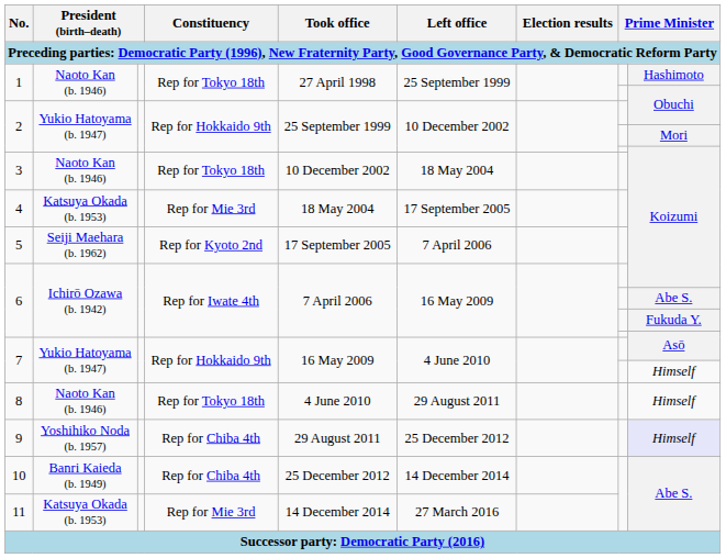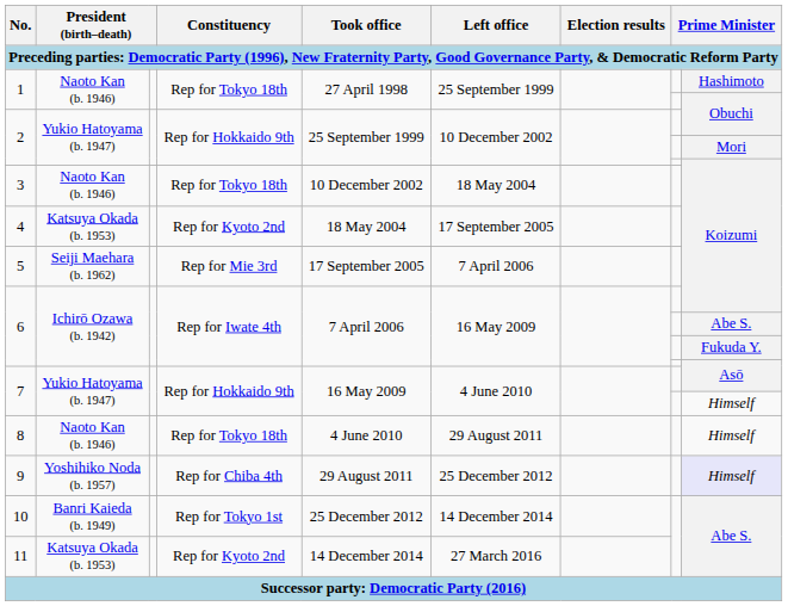 <table class="wikitable sortable" style="text-align:center">
 <tr>
 <th>No.</th>
 <th colspan="2">President<br><small>(birth–death)</small></th>
 <th>Constituency</th>
 <th>Took office</th>
 <th>Left office</th>
 <th>Election results</th>
 <th colspan="2"><a href='#'>Prime Minister</a> </th>
 </tr>
 <tr>
 <td bgcolor="lightblue" colspan="9"><strong>Preceding parties: <a href='#'>Democratic Party (1996)</a>, <a href='#'>New Fraternity Party</a>, <a href='#'>Good Governance Party</a>, & Democratic Reform Party</strong></td>
 </tr>
 <tr>
 <td rowspan="2">1</td>
 <td rowspan="2"><a href='#'>Naoto Kan</a><br><small>(b. 1946)</small></td>
 <td rowspan="2"></td>
 <td rowspan="2">Rep for <a href='#'>Tokyo 18th</a></td>
 <td rowspan="2">27 April 1998</td>
 <td rowspan="2">25 September 1999</td>
 <td rowspan="2" align=left><br></td>
 <td style="background-color: "></td>
 <th style="font-weight:normal"><a href='#'>Hashimoto</a> <small></small></th>
 </tr>
 <tr>
 <td style="background-color: "></td>
 <th style="font-weight:normal" rowspan="2"><a href='#'>Obuchi</a> <small></small></th>
 </tr>
 <tr>
 <td rowspan="3">2</td>
 <td rowspan="3"><a href='#'>Yukio Hatoyama</a><br><small>(b. 1947)</small></td>
 <td rowspan="3"></td>
 <td rowspan="3">Rep for <a href='#'>Hokkaido 9th</a></td>
 <td rowspan="3">25 September 1999</td>
 <td rowspan="3">10 December 2002</td>
 <td rowspan="3" align=left><br>   </td>
 <td height=20 style="background-color: "></td>
 </tr>
 <tr>
 <td style="background-color: "></td>
 <th style="font-weight:normal"><a href='#'>Mori</a> <small></small></th>
 </tr>
 <tr>
 <td style="background-color: "></td>
 <th style="font-weight:normal" rowspan="5"><a href='#'>Koizumi</a> <small></small></th>
 </tr>
 <tr>
 <td>3</td>
 <td><a href='#'>Naoto Kan</a><br><small>(b. 1946)</small></td>
 <td></td>
 <td>Rep for <a href='#'>Tokyo 18th</a></td>
 <td>10 December 2002</td>
 <td>18 May 2004</td>
 <td align=left></td>
 <td style="background-color: "></td>
 </tr>
 <tr>
 <td>4</td>
 <td><a href='#'>Katsuya Okada</a><br><small>(b. 1953)</small></td>
 <td></td>
-<td>Rep for <a href='#'>Mie 3rd</a></td>
+<td>Rep for <a href='#'>Kyoto 2nd</a></td>
 <td>18 May 2004</td>
 <td>17 September 2005</td>
 <td align=left><br></td>
 <td style="background-color: "></td>
 </tr>
 <tr>
 <td>5</td>
 <td><a href='#'>Seiji Maehara</a><br><small>(b. 1962)</small></td>
 <td></td>
-<td>Rep for <a href='#'>Kyoto 2nd</a></td>
+<td>Rep for <a href='#'>Mie 3rd</a></td>
 <td>17 September 2005</td>
 <td>7 April 2006</td>
 <td align=left></td>
 <td style="background-color: "></td>
 </tr>
 <tr>
 <td rowspan="4">6</td>
 <td rowspan="4"><a href='#'>Ichirō Ozawa</a><br><small>(b. 1942)</small></td>
 <td rowspan="4"></td>
 <td rowspan="4">Rep for <a href='#'>Iwate 4th</a></td>
 <td rowspan="4">7 April 2006</td>
 <td rowspan="4">16 May 2009</td>
 <td rowspan="4" align=left><br> </td>
 <td height=20 style="background-color: "></td>
 </tr>
 <tr>
 <td style="background-color: "></td>
 <th style="font-weight:normal"><a href='#'>Abe S.</a> <small></small></th>
 </tr>
 <tr>
 <td style="background-color: "></td>
 <th style="font-weight:normal"><a href='#'>Fukuda Y.</a> <small></small></th>
 </tr>
 <tr>
 <td style="background-color: "></td>
 <th style="font-weight:normal" rowspan="2"><a href='#'>Asō</a> <small></small></th>
 </tr>
 <tr>
 <td rowspan="2">7</td>
 <td rowspan="2"><a href='#'>Yukio Hatoyama</a><br><small>(b. 1947)</small><br></td>
 <td rowspan="2"></td>
 <td rowspan="2">Rep for <a href='#'>Hokkaido 9th</a></td>
 <td rowspan="2">16 May 2009</td>
 <td rowspan="2">4 June 2010</td>
 <td rowspan="2" align=left></td>
 <td height=20 style="background-color: "></td>
 </tr>
 <tr>
 <td style="background-color: "></td>
 <td><em>Himself</em> </td>
 </tr>
 <tr>
 <td>8</td>
 <td><a href='#'>Naoto Kan</a><br><small>(b. 1946)</small><br></td>
 <td></td>
 <td>Rep for <a href='#'>Tokyo 18th</a></td>
 <td>4 June 2010</td>
 <td>29 August 2011</td>
 <td align=left><br></td>
 <td style="background-color: "></td>
 <td><em>Himself</em> </td>
 </tr>
 <tr>
 <td>9</td>
 <td><a href='#'>Yoshihiko Noda</a><br><small>(b. 1957)</small><br></td>
 <td></td>
 <td>Rep for <a href='#'>Chiba 4th</a></td>
 <td>29 August 2011</td>
 <td>25 December 2012</td>
 <td align=left><br> </td>
 <td style="background-color: "></td>
 <td style="background: lavender;"><em>Himself</em> </td>
 </tr>
 <tr>
 <td>10</td>
 <td><a href='#'>Banri Kaieda</a><br><small>(b. 1949)</small></td>
 <td></td>
-<td>Rep for <a href='#'>Chiba 4th</a></td>
+<td>Rep for <a href='#'>Tokyo 1st</a></td>
 <td>25 December 2012</td>
 <td>14 December 2014</td>
 <td align=left></td>
 <td rowspan="2" style="background-color: "></td>
 <th style="font-weight:normal" rowspan="2"><a href='#'>Abe S.</a> <small></small></th>
 </tr>
 <tr>
 <td>11</td>
 <td><a href='#'>Katsuya Okada</a><br><small>(b. 1953)</small></td>
 <td></td>
-<td>Rep for <a href='#'>Mie 3rd</a></td>
+<td>Rep for <a href='#'>Kyoto 2nd</a></td>
 <td>14 December 2014</td>
 <td>27 March 2016</td>
 <td align=left><br></td>
 </tr>
 <tr>
 <td bgcolor="lightblue" colspan="9"><strong>Successor party: <a href='#'>Democratic Party (2016)</a></strong></td>
 </tr>
 </table>
